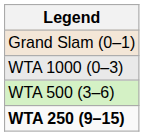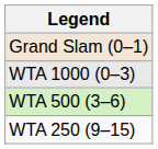 <table class="wikitable" style="font-size:90%">
 <tr>
 <th>Legend</th>
 </tr>
 <tr>
 <td style=background:#f3e6d7>Grand Slam (0–1)</td>
 </tr>
 <tr>
 <td style=background:#e9e9e9>WTA 1000 (0–3)</td>
 </tr>
 <tr>
 <td style=background:#d4f1c5>WTA 500 (3–6)</td>
 </tr>
 <tr>
-<td><strong>WTA 250 (9–15)</strong></td>
+<td>WTA 250 (9–15)</td>
 </tr>
 </table>
